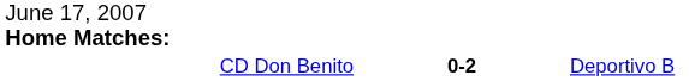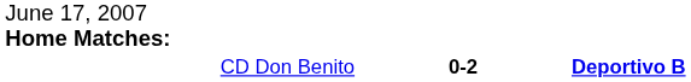 <table width=100% cellspacing=1>
 <tr>
 <th width=20%></th>
 <th width=12%></th>
 <th width=20%></th>
 <th></th>
 </tr>
 <tr>
 <td>June 17, 2007<br><strong>Home Matches:</strong></td>
 </tr>
 <tr style=font-size:90%>
 <td align=right><a href='#'>CD Don Benito</a></td>
 <td align=center><strong>0-2</strong></td>
-<td><a href='#'>Deportivo B</a></td>
+<td><strong><a href='#'>Deportivo B</a></strong></td>
 </tr>
 </table>
